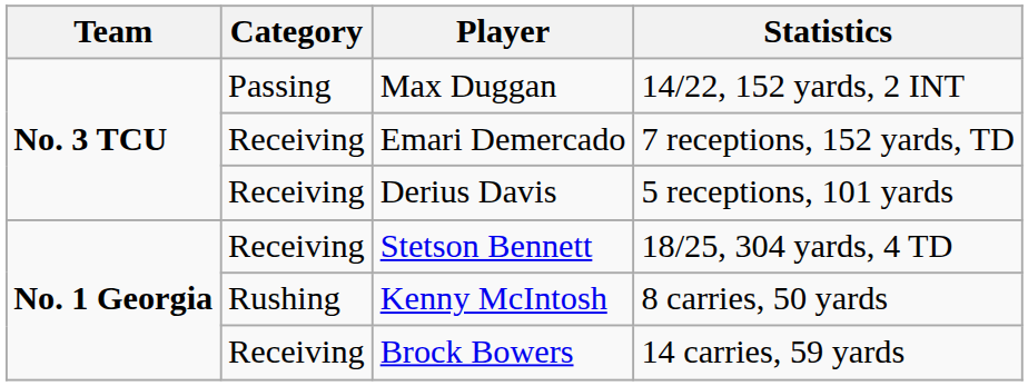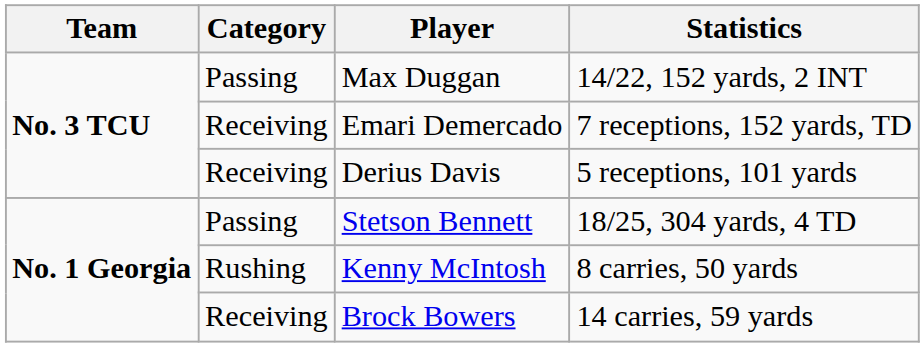 <table class="wikitable" style="float: right;">
 <tr>
 <th>Team</th>
 <th>Category</th>
 <th>Player</th>
 <th>Statistics</th>
 </tr>
 <tr>
 <td rowspan=3><strong>No. 3 TCU</strong></td>
 <td>Passing</td>
 <td>Max Duggan</td>
 <td>14/22, 152 yards, 2 INT</td>
 </tr>
 <tr>
 <td>Receiving</td>
 <td>Emari Demercado</td>
 <td>7 receptions, 152 yards, TD</td>
 </tr>
 <tr>
 <td>Receiving</td>
 <td>Derius Davis</td>
 <td>5 receptions, 101 yards</td>
 </tr>
 <tr>
 <td rowspan=3><strong>No. 1 Georgia</strong></td>
-<td>Receiving</td>
+<td>Passing</td>
 <td><a href='#'>Stetson Bennett</a></td>
 <td>18/25, 304 yards, 4 TD</td>
 </tr>
 <tr>
 <td>Rushing</td>
 <td><a href='#'>Kenny McIntosh</a></td>
 <td>8 carries, 50 yards</td>
 </tr>
 <tr>
 <td>Receiving</td>
 <td><a href='#'>Brock Bowers</a></td>
 <td>14 carries, 59 yards</td>
 </tr>
 </table>
